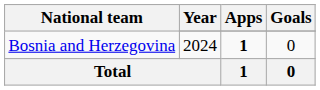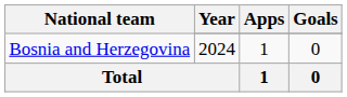 <table class="wikitable" style="text-align:center">
 <tr>
 <th>National team</th>
 <th>Year</th>
 <th>Apps</th>
 <th>Goals</th>
 </tr>
 <tr>
 <td rowspan=2><a href='#'>Bosnia and Herzegovina</a></td>
 </tr>
 <tr>
 <td>2024</td>
-<td><strong>1</strong></td>
+<td>1</td>
 <td>0</td>
 </tr>
 <tr>
 <th colspan=2>Total</th>
 <th>1</th>
 <th>0</th>
 </tr>
 </table>
